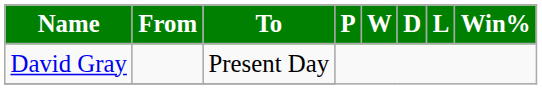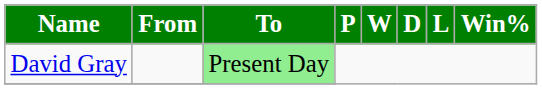 <table class="wikitable sortable" style="text-align: center;">
 <tr>
 <th style="background:#008000; color:white;" scope="col">Name</th>
 <th style="background:#008000; color:white;" scope="col">From</th>
 <th style="background:#008000; color:white;" scope="col">To</th>
 <th style="background:#008000; color:white;" scope="col">P</th>
 <th style="background:#008000; color:white;" scope="col">W</th>
 <th style="background:#008000; color:white;" scope="col">D</th>
 <th style="background:#008000; color:white;" scope="col">L</th>
 <th style="background:#008000; color:white;" scope="col">Win%</th>
 </tr>
 <tr>
 <td align=left> <a href='#'>David Gray</a></td>
 <td></td>
-<td>Present Day<br></td>
+<td style="background: lightgreen;">Present Day<br></td>
 </tr>
 <tr>
 </tr>
 </table>
